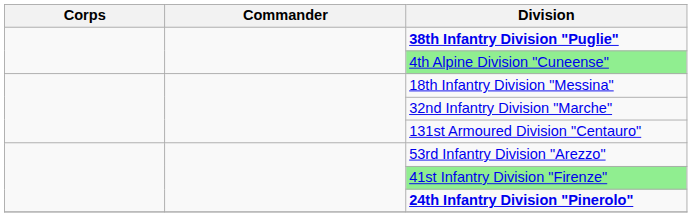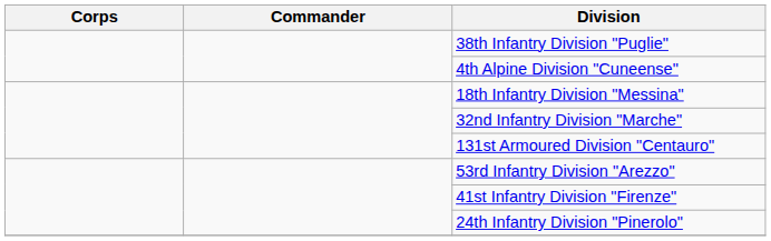 <table class="wikitable">
 <tr>
 <th scope="col" width=20%>Corps</th>
 <th scope="col" width=30%>Commander</th>
 <th scope="col" width=35%>Division</th>
 </tr>
 <tr>
 <td rowspan=2></td>
 <td rowspan=2></td>
-<td><strong><a href='#'>38th Infantry Division "Puglie"</a></strong></td>
+<td><a href='#'>38th Infantry Division "Puglie"</a></td>
 </tr>
 <tr>
-<td style="background: lightgreen;"><a href='#'>4th Alpine Division "Cuneense"</a></td>
+<td><a href='#'>4th Alpine Division "Cuneense"</a></td>
 </tr>
 <tr>
 <td rowspan=3></td>
 <td rowspan=3></td>
 <td><a href='#'>18th Infantry Division "Messina"</a></td>
 </tr>
 <tr>
 <td><a href='#'>32nd Infantry Division "Marche"</a></td>
 </tr>
 <tr>
 <td><a href='#'>131st Armoured Division "Centauro"</a></td>
 </tr>
 <tr>
 <td rowspan=3></td>
 <td rowspan=3></td>
 <td><a href='#'>53rd Infantry Division "Arezzo"</a></td>
 </tr>
 <tr>
-<td style="background: lightgreen;"><a href='#'>41st Infantry Division "Firenze"</a></td>
+<td><a href='#'>41st Infantry Division "Firenze"</a></td>
 </tr>
 <tr>
-<td><strong><a href='#'>24th Infantry Division "Pinerolo"</a></strong></td>
+<td><a href='#'>24th Infantry Division "Pinerolo"</a></td>
 </tr>
 <tr>
 </tr>
 </table>
